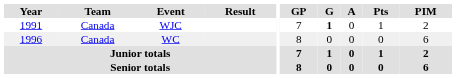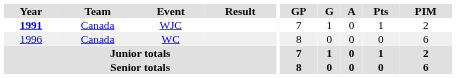 <table border="0" cellpadding="1" cellspacing="0" ID="Table3" style="text-align:center; width:40em">
 <tr bgcolor="#e0e0e0">
 <th>Year</th>
 <th>Team</th>
 <th>Event</th>
 <th>Result</th>
 <th rowspan="99" bgcolor="#ffffff"></th>
 <th>GP</th>
 <th>G</th>
 <th>A</th>
 <th>Pts</th>
 <th>PIM</th>
 </tr>
 <tr>
-<td><a href='#'>1991</a></td>
+<td><strong><a href='#'>1991</a></strong></td>
 <td><a href='#'>Canada</a></td>
 <td><a href='#'>WJC</a></td>
 <td></td>
 <td>7</td>
-<td><strong>1</strong></td>
+<td>1</td>
 <td>0</td>
 <td>1</td>
 <td>2</td>
 </tr>
 <tr bgcolor="#f0f0f0">
 <td><a href='#'>1996</a></td>
 <td><a href='#'>Canada</a></td>
 <td><a href='#'>WC</a></td>
 <td></td>
 <td>8</td>
 <td>0</td>
 <td>0</td>
 <td>0</td>
 <td>6</td>
 </tr>
 <tr bgcolor="#e0e0e0">
 <th colspan="4">Junior totals</th>
 <th>7</th>
 <th>1</th>
 <th>0</th>
 <th>1</th>
 <th>2</th>
 </tr>
 <tr bgcolor="#e0e0e0">
 <th colspan="4">Senior totals</th>
 <th>8</th>
 <th>0</th>
 <th>0</th>
 <th>0</th>
 <th>6</th>
 </tr>
 </table>
